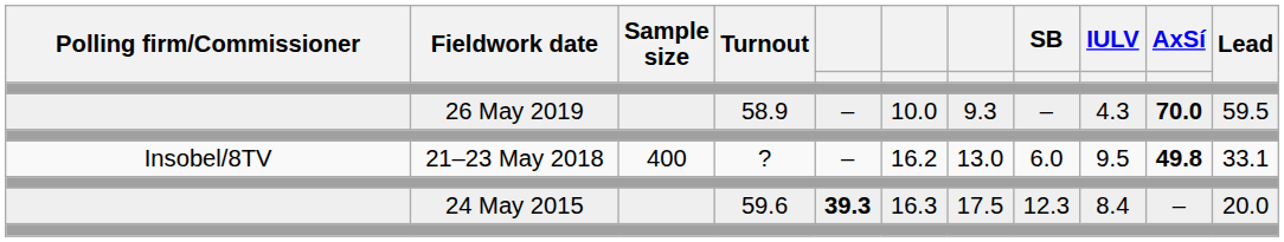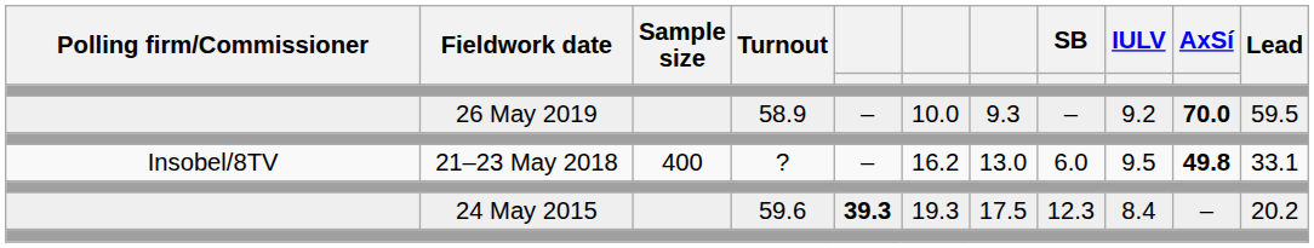 <table class="wikitable collapsible collapsed" style="text-align:center; font-size:95%; line-height:16px;">
 <tr style="height:42px;">
 <th style="width:250px;" rowspan="2">Polling firm/Commissioner</th>
 <th style="width:125px;" rowspan="2">Fieldwork date</th>
 <th style="width:50px;" rowspan="2">Sample size</th>
 <th style="width:45px;" rowspan="2">Turnout</th>
 <th style="width:35px;"></th>
 <th style="width:35px;"></th>
 <th style="width:35px;"></th>
 <th style="width:35px;">SB</th>
 <th style="width:35px;"><a href='#'>IULV</a></th>
 <th style="width:35px;"><a href='#'>AxSí</a></th>
 <th style="width:30px;" rowspan="2">Lead</th>
 </tr>
 <tr>
 <th style="color:inherit;background:"></th>
 <th style="color:inherit;background:"></th>
 <th style="color:inherit;background:"></th>
 <th style="color:inherit;background:"></th>
 <th style="color:inherit;background:"></th>
 <th style="color:inherit;background:"></th>
 </tr>
 <tr>
 <td colspan="11" style="background:#A0A0A0"></td>
 </tr>
 <tr style="background:#EFEFEF;">
 <td><strong></strong></td>
 <td>26 May 2019</td>
 <td></td>
 <td>58.9</td>
 <td>–</td>
 <td>10.0<br></td>
 <td>9.3<br></td>
 <td>–</td>
-<td>4.3<br></td>
+<td>9.2<br></td>
 <td><strong>70.0</strong><br></td>
 <td style="background:">59.5</td>
 </tr>
 <tr>
 <td colspan="11" style="background:#A0A0A0"></td>
 </tr>
 <tr>
 <td>Insobel/8TV</td>
 <td>21–23 May 2018</td>
 <td>400</td>
 <td>?</td>
 <td>–</td>
 <td>16.2<br></td>
 <td>13.0<br></td>
 <td>6.0<br></td>
 <td>9.5<br></td>
 <td><strong>49.8</strong><br></td>
 <td style="background:">33.1</td>
 </tr>
 <tr>
 <td colspan="11" style="background:#A0A0A0"></td>
 </tr>
 <tr style="background:#EFEFEF;">
 <td><strong></strong></td>
 <td>24 May 2015</td>
 <td></td>
 <td>59.6</td>
 <td><strong>39.3</strong><br></td>
-<td>16.3<br></td>
+<td>19.3<br></td>
 <td>17.5<br></td>
 <td>12.3<br></td>
 <td>8.4<br></td>
 <td>–</td>
-<td style="background:">20.0</td>
+<td style="background:">20.2</td>
 </tr>
 <tr>
 <td colspan="11" style="background:#A0A0A0"></td>
 </tr>
 </table>
